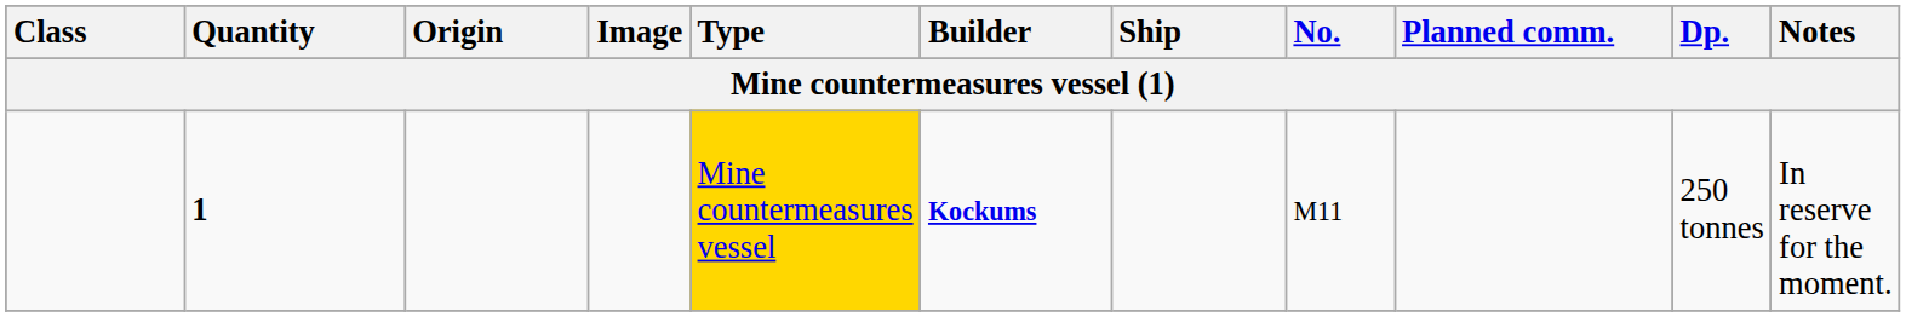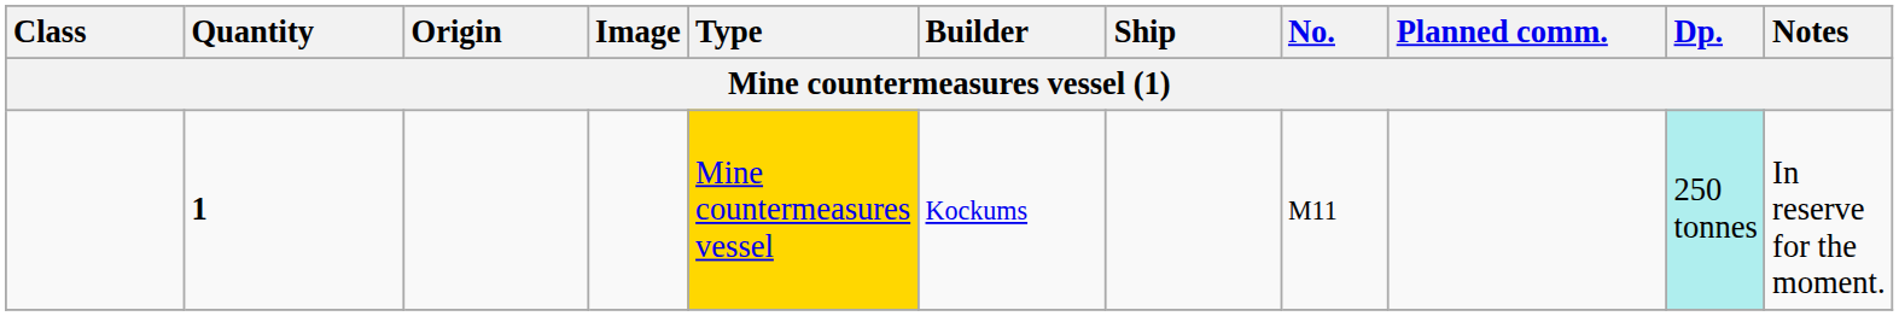 <table class="wikitable" style="font-size: 92%;">
 <tr>
 <th style="text-align: left; width:12%;">Class</th>
 <th style="text-align: left; width:14%;">Quantity</th>
 <th style="text-align: left; width:12%;">Origin</th>
 <th style="text-align: left">Image</th>
 <th style="text-align: left; width:12%;">Type</th>
 <th style="text-align: left; width:12%;">Builder</th>
 <th style="text-align: left; width:12%;">Ship</th>
 <th style="text-align: left; width:7%;"><a href='#'>No.</a></th>
 <th style="text-align: left; width:20%;"><a href='#'>Planned comm.</a></th>
 <th style="text-align: left; width:12%;"><a href='#'>Dp.</a></th>
 <th style="text-align: left; width:12%;">Notes</th>
 </tr>
 <tr>
 <th colspan="11">Mine countermeasures vessel (1)</th>
 </tr>
 <tr>
 <td><strong></strong></td>
 <td><strong>1</strong></td>
 <td></td>
 <td></td>
 <td style="background: gold;"><a href='#'>Mine countermeasures vessel</a></td>
-<td><strong><small><a href='#'>Kockums</a></small></strong></td>
+<td><small><a href='#'>Kockums</a></small></td>
 <td><small></small></td>
 <td><small>M11</small></td>
 <td><small></small></td>
-<td>250 tonnes</td>
+<td style="background: paleturquoise;">250 tonnes</td>
 <td><br>In reserve for the moment.</td>
 </tr>
 </table>
